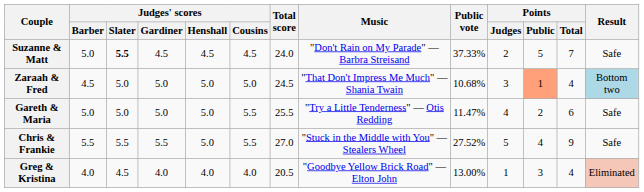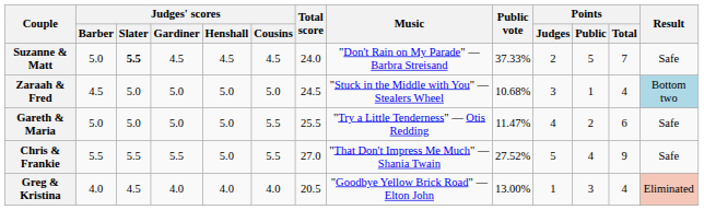 <table class="wikitable sortable" style="text-align:center; ; font-size:90%">
 <tr>
 <th scope="col" rowspan=2>Couple</th>
 <th scope="col" colspan=5 class="unsortable">Judges' scores</th>
 <th scope="col" rowspan=2>Total<br>score</th>
 <th scope="col" rowspan=2 class="unsortable">Music</th>
 <th scope="col" rowspan=2>Public<br>vote</th>
 <th scope="col" colspan=3>Points</th>
 <th scope="col" rowspan=2 class="unsortable">Result</th>
 </tr>
 <tr>
 <th class="unsortable">Barber</th>
 <th class="unsortable">Slater</th>
 <th class="unsortable">Gardiner</th>
 <th class="unsortable">Henshall</th>
 <th class="unsortable">Cousins</th>
 <th class="unsortable">Judges</th>
 <th class="unsortable">Public</th>
 <th>Total</th>
 </tr>
 <tr>
 <th scope="row">Suzanne & Matt</th>
 <td>5.0</td>
 <td><strong>5.5</strong></td>
 <td>4.5</td>
 <td>4.5</td>
 <td>4.5</td>
 <td>24.0</td>
 <td>"<a href='#'>Don't Rain on My Parade</a>" — <a href='#'>Barbra Streisand</a></td>
 <td>37.33%</td>
 <td>2</td>
 <td>5</td>
 <td>7</td>
 <td>Safe</td>
 </tr>
 <tr>
 <th scope="row">Zaraah & Fred</th>
 <td>4.5</td>
 <td>5.0</td>
 <td>5.0</td>
 <td>5.0</td>
 <td>5.0</td>
 <td>24.5</td>
-<td>"<a href='#'>That Don't Impress Me Much</a>" — <a href='#'>Shania Twain</a></td>
+<td>"<a href='#'>Stuck in the Middle with You</a>" — <a href='#'>Stealers Wheel</a></td>
 <td>10.68%</td>
 <td>3</td>
-<td style="background: lightsalmon;">1</td>
+<td>1</td>
 <td>4</td>
 <td bgcolor=lightblue>Bottom two</td>
 </tr>
 <tr>
 <th scope="row">Gareth & Maria</th>
 <td>5.0</td>
 <td>5.0</td>
 <td>5.0</td>
 <td>5.0</td>
 <td>5.5</td>
 <td>25.5</td>
 <td>"<a href='#'>Try a Little Tenderness</a>" — <a href='#'>Otis Redding</a></td>
 <td>11.47%</td>
 <td>4</td>
 <td>2</td>
 <td>6</td>
 <td>Safe</td>
 </tr>
 <tr>
 <th scope="row">Chris & Frankie</th>
 <td>5.5</td>
 <td>5.5</td>
 <td>5.5</td>
 <td>5.0</td>
 <td>5.5</td>
 <td>27.0</td>
-<td>"<a href='#'>Stuck in the Middle with You</a>" — <a href='#'>Stealers Wheel</a></td>
+<td>"<a href='#'>That Don't Impress Me Much</a>" — <a href='#'>Shania Twain</a></td>
 <td>27.52%</td>
 <td>5</td>
 <td>4</td>
 <td>9</td>
 <td>Safe</td>
 </tr>
 <tr>
 <th scope="row">Greg & Kristina</th>
 <td>4.0</td>
 <td>4.5</td>
 <td>4.0</td>
 <td>4.0</td>
 <td>4.0</td>
 <td>20.5</td>
 <td>"<a href='#'>Goodbye Yellow Brick Road</a>" — <a href='#'>Elton John</a></td>
 <td>13.00%</td>
 <td>1</td>
 <td>3</td>
 <td>4</td>
 <td bgcolor="f4c7b8">Eliminated</td>
 </tr>
 </table>
